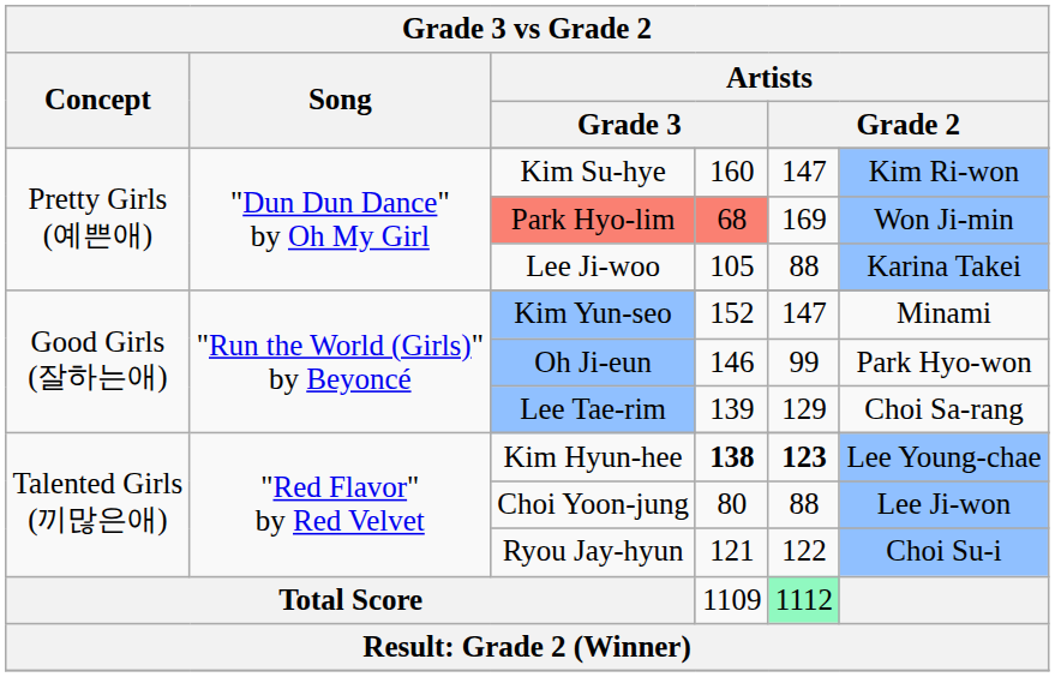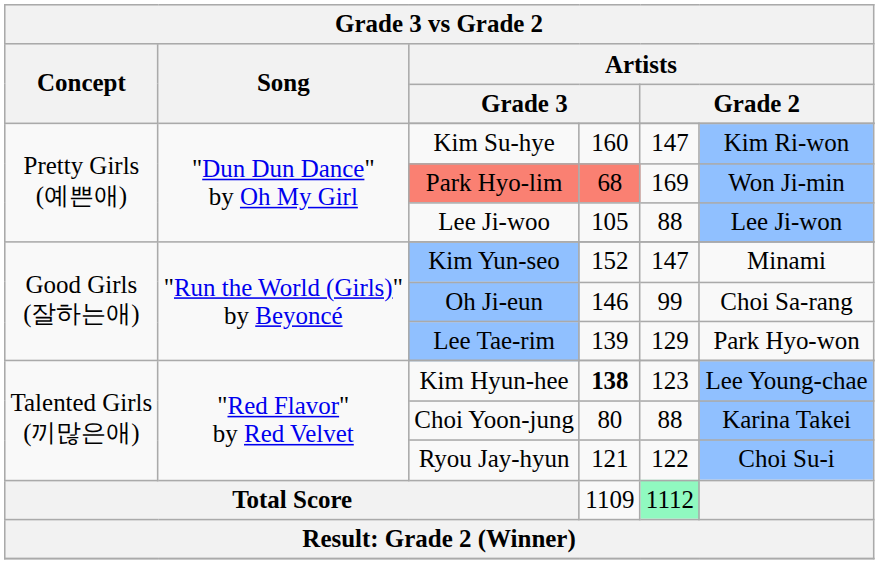 <table class="wikitable" style="text-align: center">
 <tr>
 <th colspan="6">Grade 3 vs Grade 2</th>
 </tr>
 <tr>
 <th rowspan="2">Concept</th>
 <th rowspan="2">Song</th>
 <th colspan="4">Artists</th>
 </tr>
 <tr>
 <th colspan="2">Grade 3</th>
 <th colspan="2">Grade 2</th>
 </tr>
 <tr>
 <td rowspan="4">Pretty Girls<br>(예쁜애)</td>
 <td rowspan="4">"<a href='#'>Dun Dun Dance</a>"<br>by <a href='#'>Oh My Girl</a></td>
 </tr>
 <tr>
 <td>Kim Su-hye</td>
 <td>160</td>
 <td>147</td>
 <td style="background:#90C0FF">Kim Ri-won</td>
 </tr>
 <tr>
 <td style="background:salmon">Park Hyo-lim</td>
 <td style="background:salmon">68</td>
 <td>169</td>
 <td style="background:#90C0FF">Won Ji-min</td>
 </tr>
 <tr>
 <td>Lee Ji-woo</td>
 <td>105</td>
 <td>88</td>
-<td style="background:#90C0FF">Karina Takei</td>
+<td style="background:#90C0FF">Lee Ji-won</td>
 </tr>
 <tr>
 <td rowspan="4">Good Girls<br>(잘하는애)</td>
 <td rowspan="4">"<a href='#'>Run the World (Girls)</a>"<br>by <a href='#'>Beyoncé</a></td>
 </tr>
 <tr>
 <td style="background:#90C0FF">Kim Yun-seo</td>
 <td>152</td>
 <td>147</td>
 <td>Minami</td>
 </tr>
 <tr>
 <td style="background:#90C0FF">Oh Ji-eun</td>
 <td>146</td>
 <td>99</td>
-<td>Park Hyo-won</td>
+<td>Choi Sa-rang</td>
 </tr>
 <tr>
 <td style="background:#90C0FF">Lee Tae-rim</td>
 <td>139</td>
 <td>129</td>
-<td>Choi Sa-rang</td>
+<td>Park Hyo-won</td>
 </tr>
 <tr>
 <td rowspan="4">Talented Girls<br>(끼많은애)</td>
 <td rowspan="4">"<a href='#'>Red Flavor</a>"<br>by <a href='#'>Red Velvet</a></td>
 </tr>
 <tr>
 <td>Kim Hyun-hee</td>
 <td><strong>138</strong></td>
-<td><strong>123</strong></td>
+<td>123</td>
 <td style="background:#90C0FF">Lee Young-chae</td>
 </tr>
 <tr>
 <td>Choi Yoon-jung</td>
 <td>80</td>
 <td>88</td>
-<td style="background:#90C0FF">Lee Ji-won</td>
+<td style="background:#90C0FF">Karina Takei</td>
 </tr>
 <tr>
 <td>Ryou Jay-hyun</td>
 <td>121</td>
 <td>122</td>
 <td style="background:#90C0FF">Choi Su-i</td>
 </tr>
 <tr>
 <th colspan="3">Total Score</th>
 <td>1109</td>
 <td style="background:#90F9C0">1112</td>
 <th colspan="2"></th>
 </tr>
 <tr>
 <th colspan="6">Result: Grade 2 (Winner)</th>
 </tr>
 <tr>
 </tr>
 </table>
